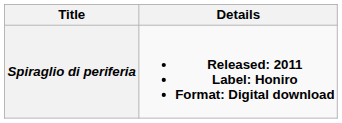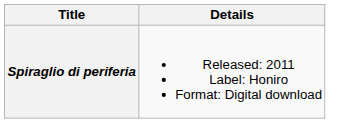 <table class="wikitable plainrowheaders" style="text-align:center">
 <tr>
 <th>Title</th>
 <th>Details</th>
 </tr>
 <tr>
 <th scope="row"><em>Spiraglio di periferia</em></th>
-<td><strong><br><ul><li>Released: 2011</li><li>Label: Honiro</li><li>Format: Digital download</li></ul></strong></td>
+<td><br><ul><li>Released: 2011</li><li>Label: Honiro</li><li>Format: Digital download</li></ul></td>
 </tr>
 </table>
